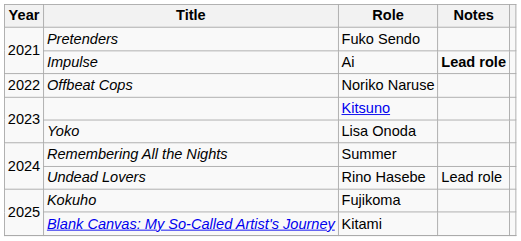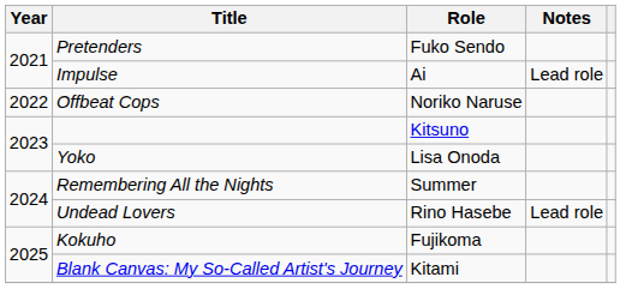 <table class="wikitable sortable">
 <tr>
 <th>Year</th>
 <th>Title</th>
 <th>Role</th>
 <th class="unsortable">Notes</th>
 <th class="unsortable"></th>
 </tr>
 <tr>
 <td rowspan="2">2021</td>
 <td><em>Pretenders</em></td>
 <td>Fuko Sendo</td>
 <td></td>
 <td></td>
 </tr>
 <tr>
 <td><em>Impulse</em></td>
 <td>Ai</td>
-<td><strong>Lead role</strong></td>
+<td>Lead role</td>
 <td></td>
 </tr>
 <tr>
 <td>2022</td>
 <td><em>Offbeat Cops</em></td>
 <td>Noriko Naruse</td>
 <td></td>
 <td></td>
 </tr>
 <tr>
 <td rowspan="2">2023</td>
 <td><em></em></td>
 <td><a href='#'>Kitsuno</a></td>
 <td></td>
 <td></td>
 </tr>
 <tr>
 <td><em>Yoko</em></td>
 <td>Lisa Onoda</td>
 <td></td>
 <td></td>
 </tr>
 <tr>
 <td rowspan="2">2024</td>
 <td><em>Remembering All the Nights</em></td>
 <td>Summer</td>
 <td></td>
 <td></td>
 </tr>
 <tr>
 <td><em>Undead Lovers</em></td>
 <td>Rino Hasebe</td>
 <td>Lead role</td>
 <td></td>
 </tr>
 <tr>
 <td rowspan="2">2025</td>
 <td><em>Kokuho</em></td>
 <td>Fujikoma</td>
 <td></td>
 <td></td>
 </tr>
 <tr>
 <td><em><a href='#'>Blank Canvas: My So-Called Artist's Journey</a></em></td>
 <td>Kitami</td>
 <td></td>
 <td></td>
 </tr>
 <tr>
 </tr>
 </table>
